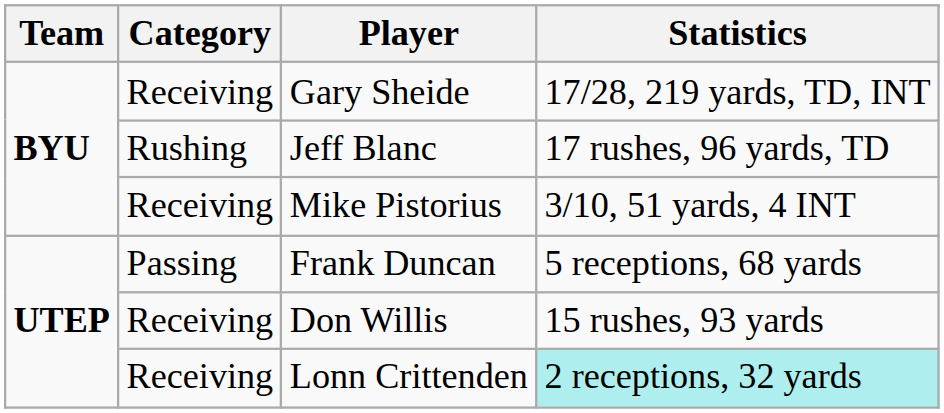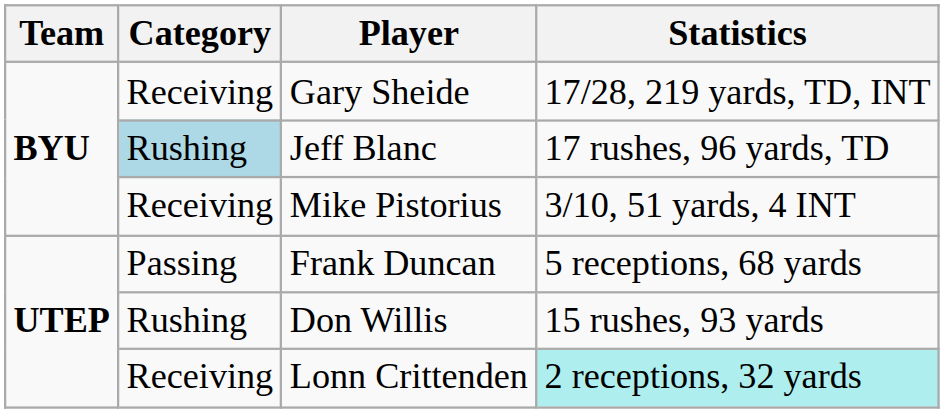 <table class="wikitable" style="float: left;">
 <tr>
 <th>Team</th>
 <th>Category</th>
 <th>Player</th>
 <th>Statistics</th>
 </tr>
 <tr>
 <td rowspan=3><strong>BYU</strong></td>
 <td>Receiving</td>
 <td>Gary Sheide</td>
 <td>17/28, 219 yards, TD, INT</td>
 </tr>
 <tr>
-<td>Rushing</td>
+<td style="background: lightblue;">Rushing</td>
 <td>Jeff Blanc</td>
 <td>17 rushes, 96 yards, TD</td>
 </tr>
 <tr>
 <td>Receiving</td>
 <td>Mike Pistorius</td>
 <td>3/10, 51 yards, 4 INT</td>
 </tr>
 <tr>
 <td rowspan=3><strong>UTEP</strong></td>
 <td>Passing</td>
 <td>Frank Duncan</td>
 <td>5 receptions, 68 yards</td>
 </tr>
 <tr>
-<td>Receiving</td>
+<td>Rushing</td>
 <td>Don Willis</td>
 <td>15 rushes, 93 yards</td>
 </tr>
 <tr>
 <td>Receiving</td>
 <td>Lonn Crittenden</td>
 <td style="background: paleturquoise;">2 receptions, 32 yards</td>
 </tr>
 </table>
